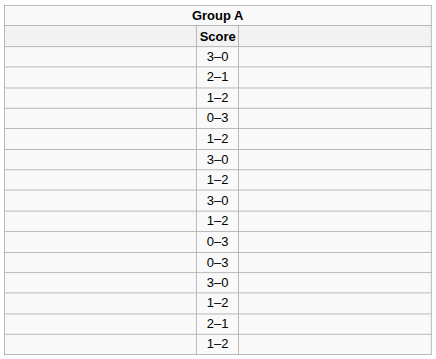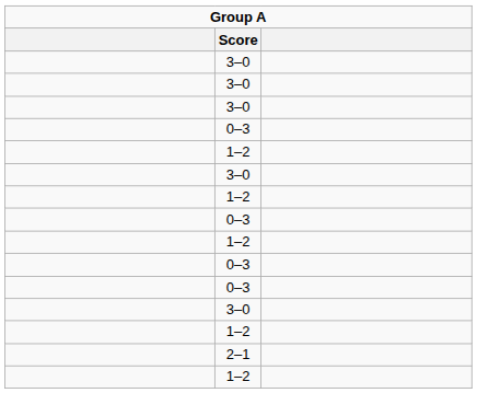 <table class="wikitable" style="text-align: center; display: inline-table;">
 <tr>
 <td colspan="3"><strong>Group A</strong></td>
 </tr>
 <tr>
 <th scope="col" style="width: 230px;"></th>
 <th scope="col" style="width: 30px;">Score</th>
 <th scope="col" style="width: 230px;"></th>
 </tr>
 <tr>
 <td></td>
 <td>3–0</td>
 <td></td>
 </tr>
 <tr>
 <td></td>
-<td>2–1</td>
+<td>3–0</td>
 <td></td>
 </tr>
 <tr>
 <td></td>
-<td>1–2</td>
+<td>3–0</td>
 <td></td>
 </tr>
 <tr>
 <td></td>
 <td>0–3</td>
 <td></td>
 </tr>
 <tr>
 <td></td>
 <td>1–2</td>
 <td></td>
 </tr>
 <tr>
 <td></td>
 <td>3–0</td>
 <td></td>
 </tr>
 <tr>
 <td></td>
 <td>1–2</td>
 <td></td>
 </tr>
 <tr>
 <td></td>
-<td>3–0</td>
+<td>0–3</td>
 <td></td>
 </tr>
 <tr>
 <td></td>
 <td>1–2</td>
 <td></td>
 </tr>
 <tr>
 <td></td>
 <td>0–3</td>
 <td></td>
 </tr>
 <tr>
 <td></td>
 <td>0–3</td>
 <td></td>
 </tr>
 <tr>
 <td></td>
 <td>3–0</td>
 <td></td>
 </tr>
 <tr>
 <td></td>
 <td>1–2</td>
 <td></td>
 </tr>
 <tr>
 <td></td>
 <td>2–1</td>
 <td></td>
 </tr>
 <tr>
 <td></td>
 <td>1–2</td>
 <td></td>
 </tr>
 </table>
